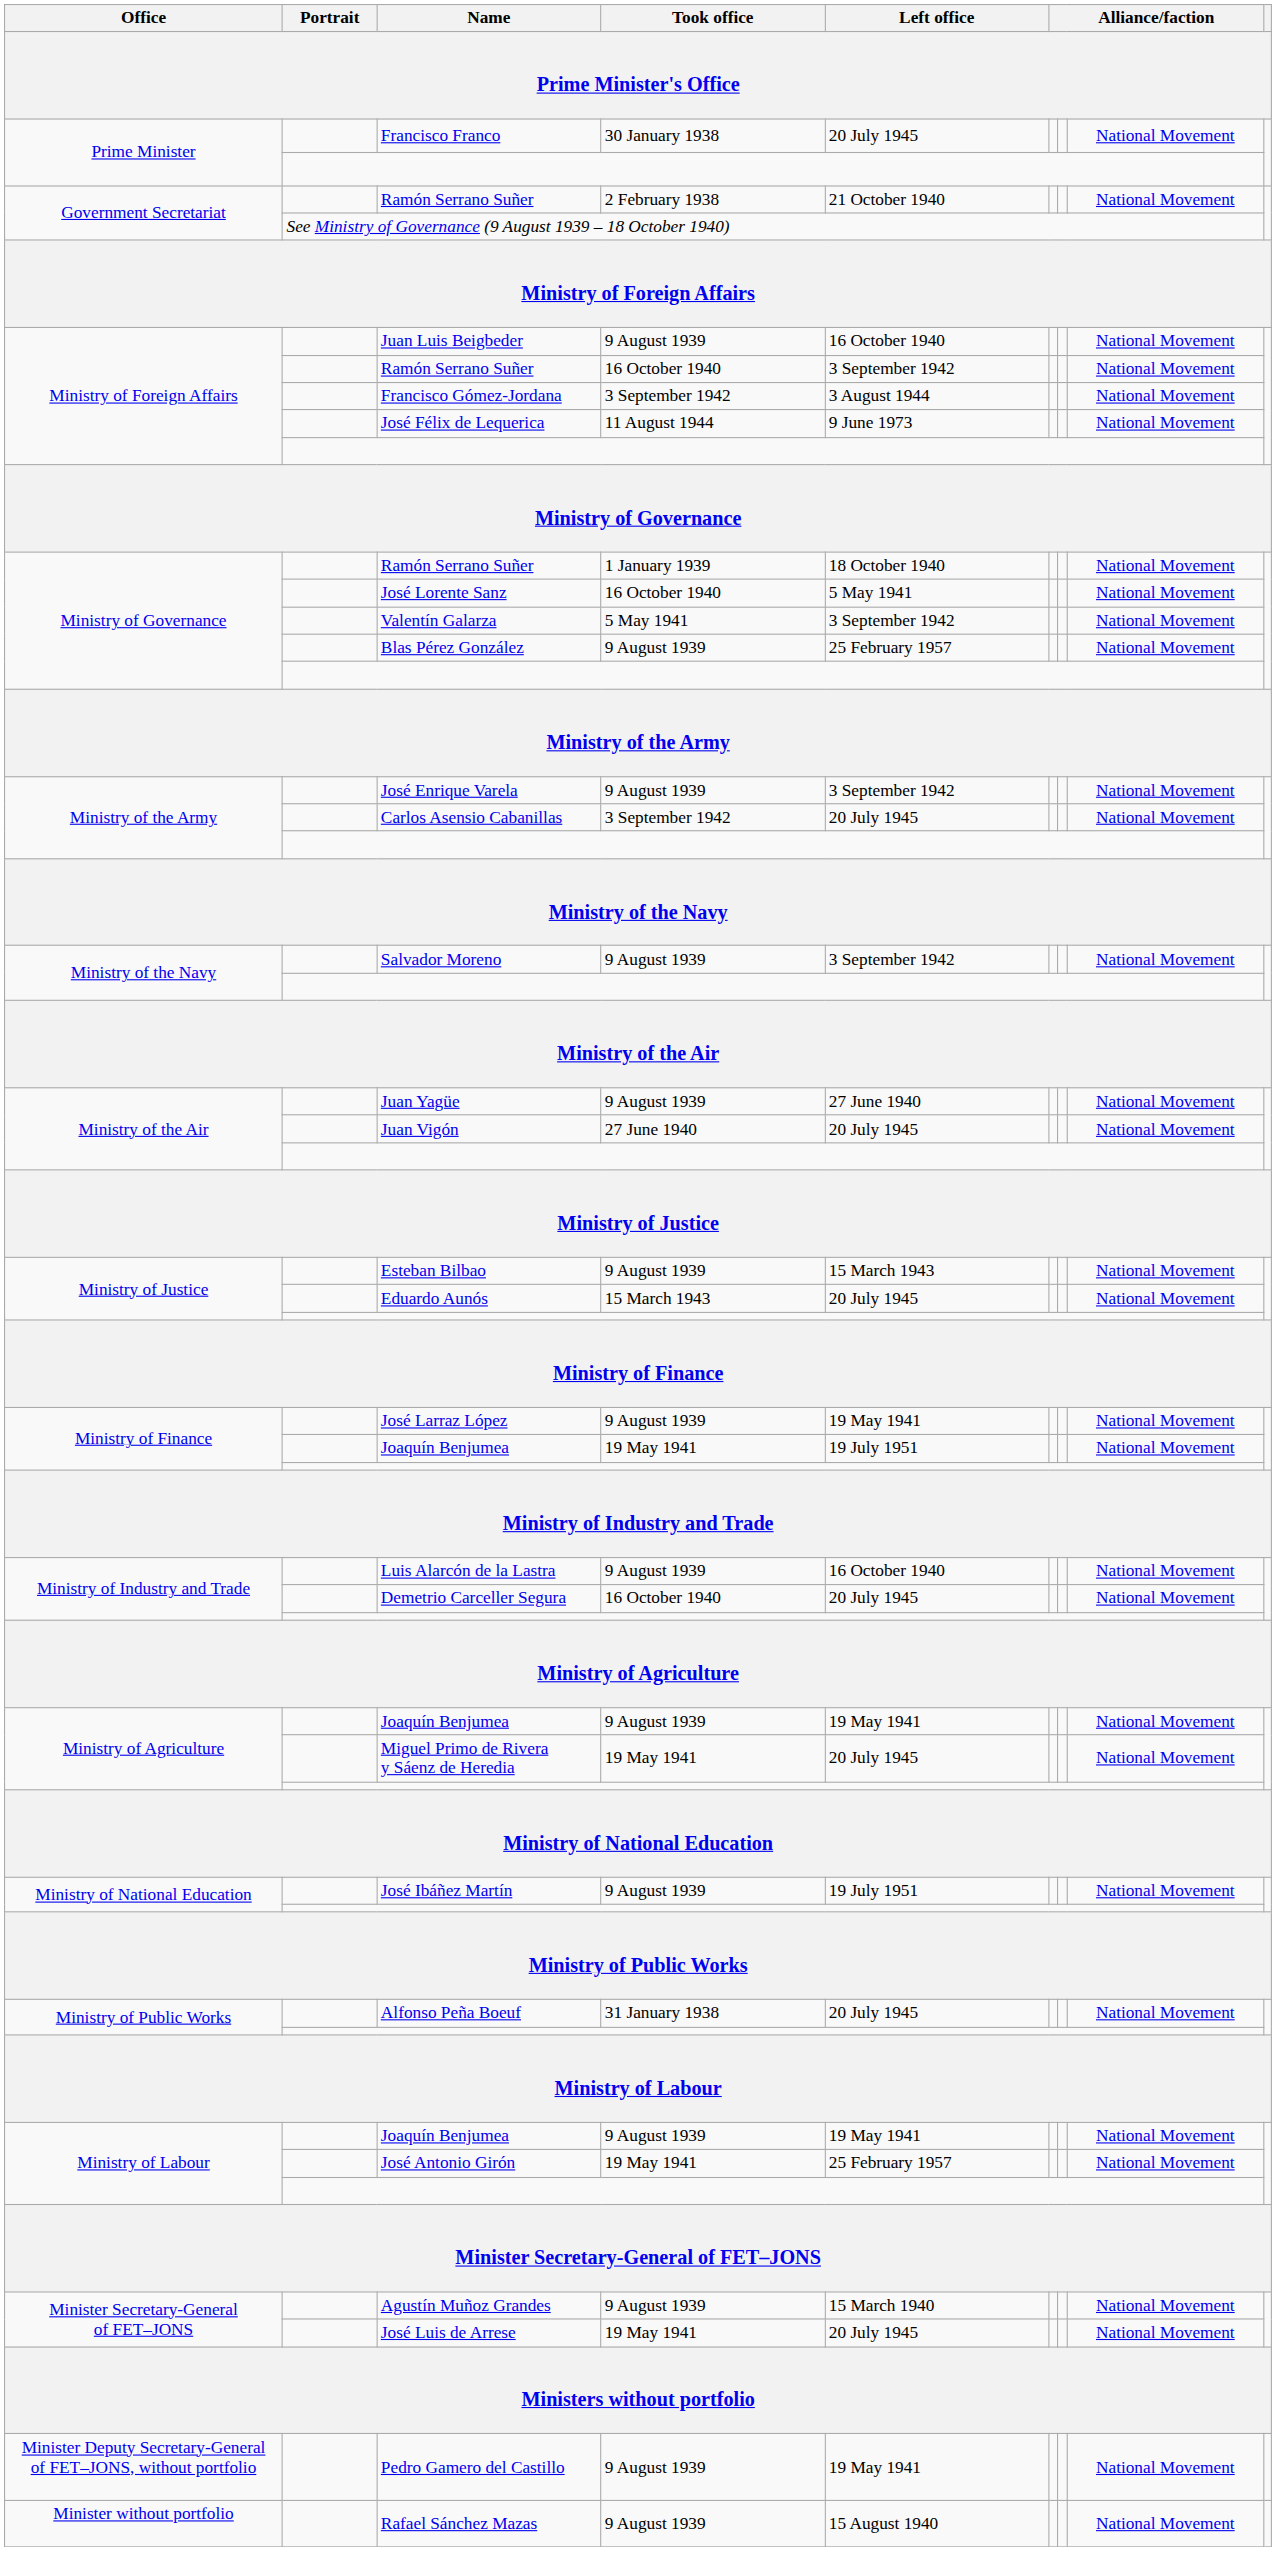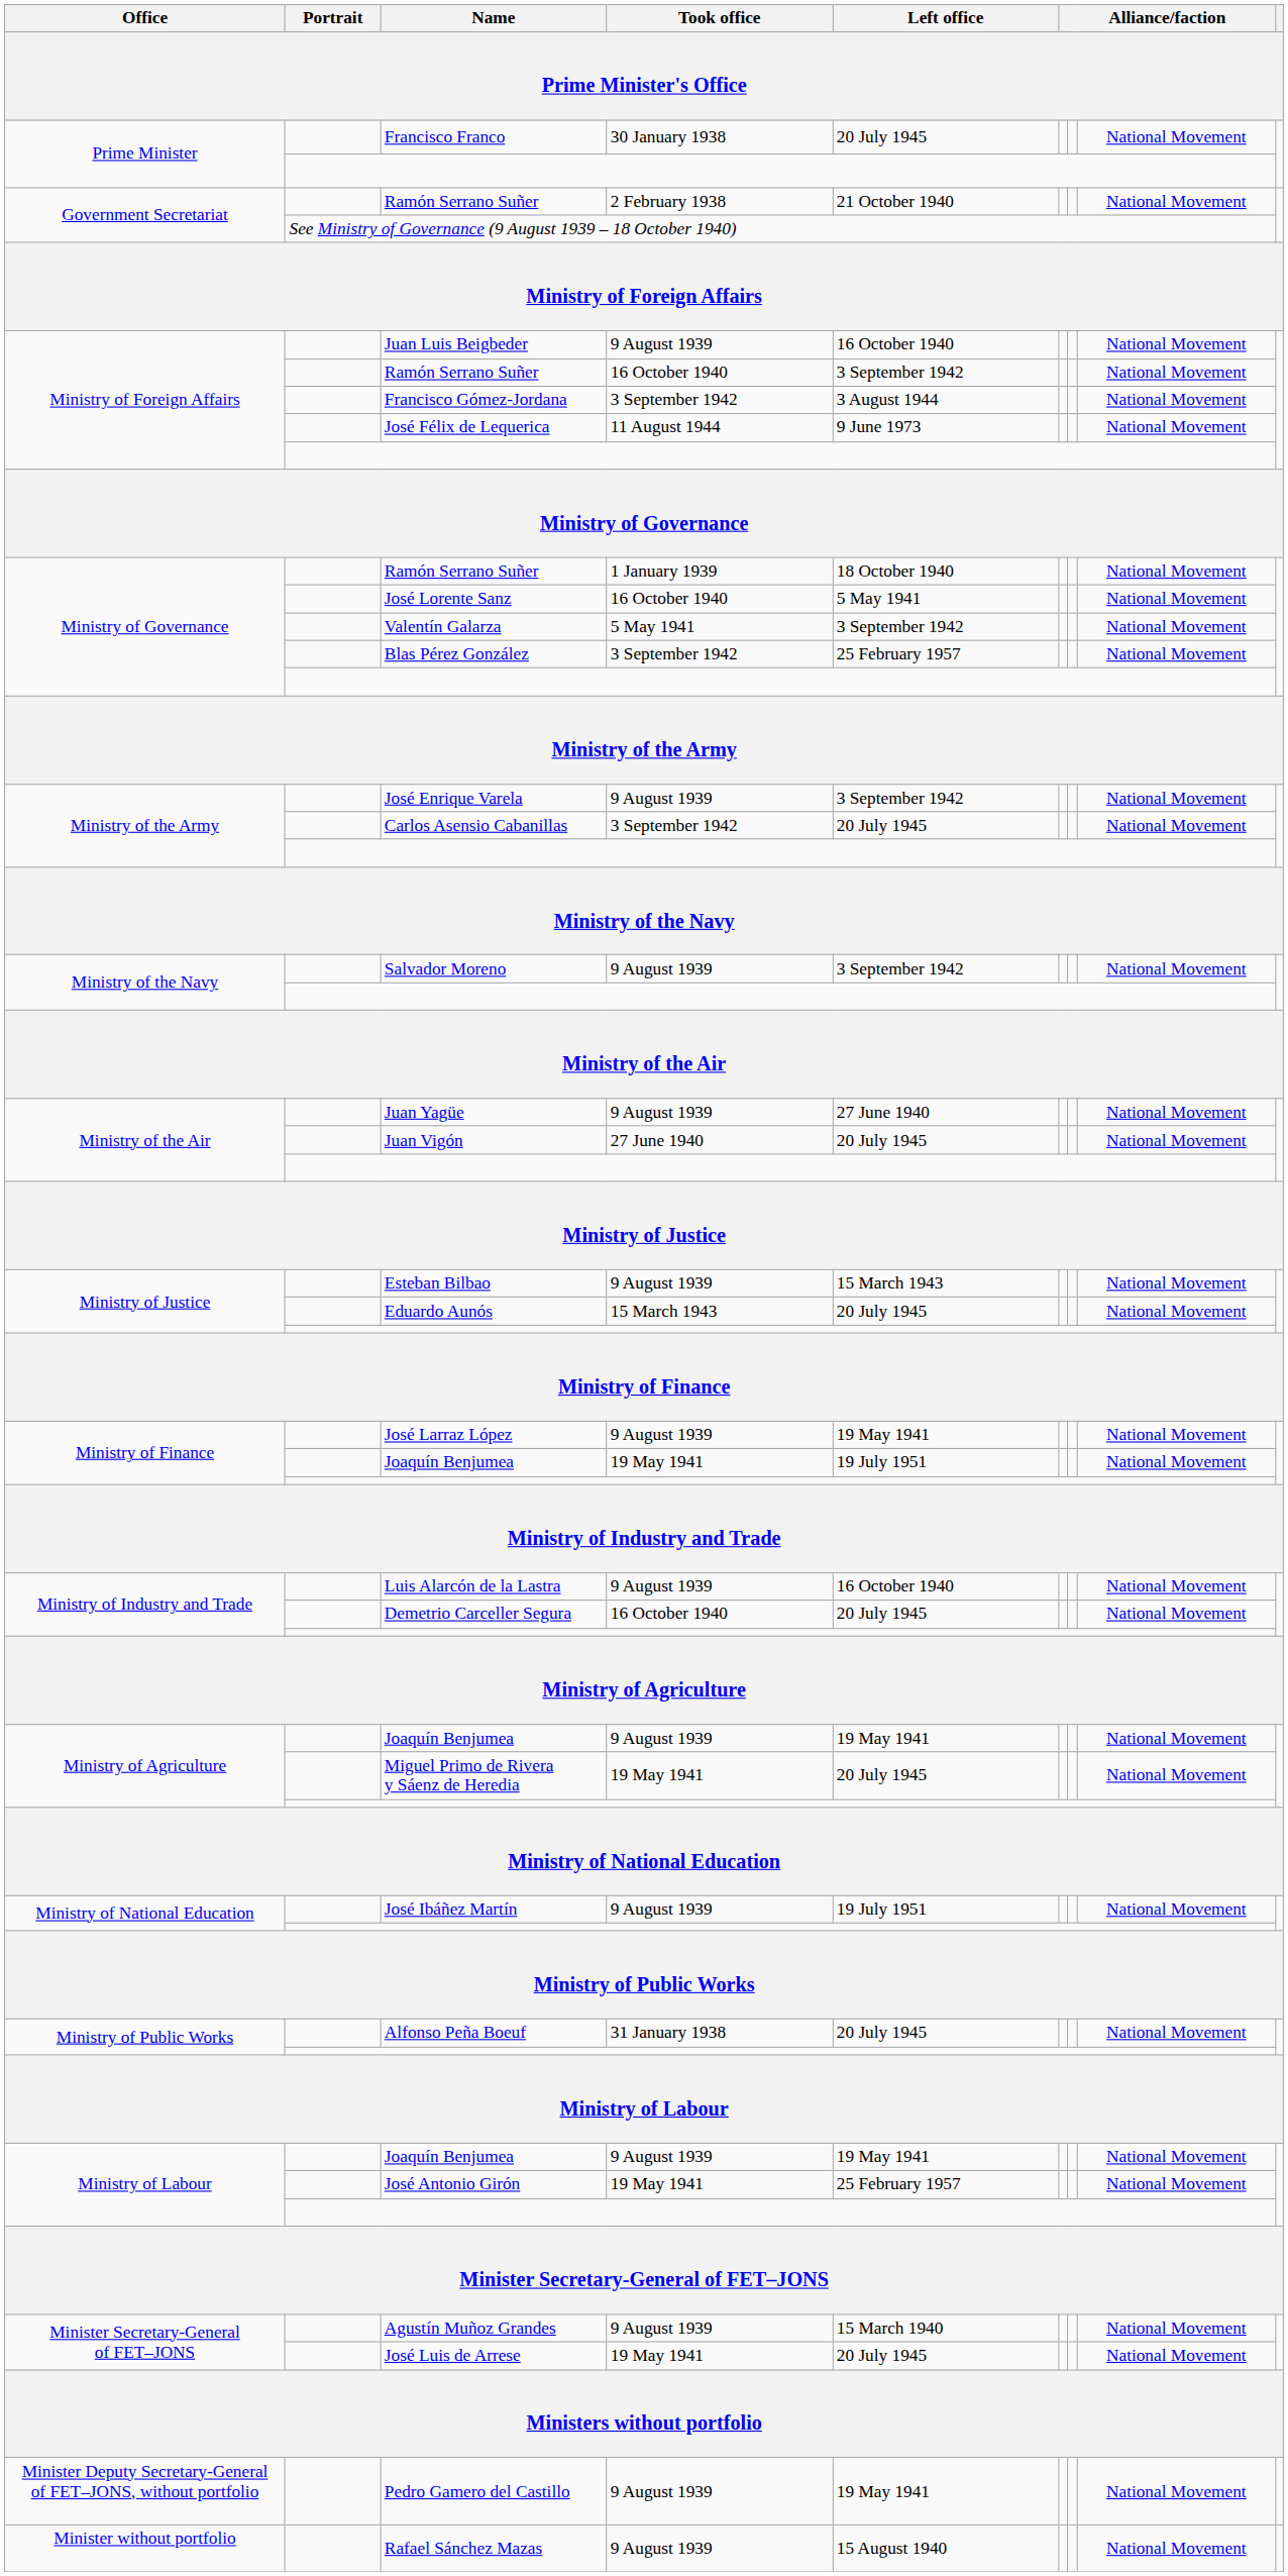 <table class="wikitable" style="line-height:18px;">
 <tr>
 <th scope="col">Office<br></th>
 <th scope="col">Portrait</th>
 <th scope="col">Name</th>
 <th scope="col">Took office</th>
 <th scope="col">Left office</th>
 <th colspan="3" scope="col">Alliance/faction</th>
 <th></th>
 </tr>
 <tr>
 <th colspan="9"><br><h3><a href='#'>Prime Minister's Office</a></h3></th>
 </tr>
 <tr>
 <td align="center" rowspan="2" width="250"><a href='#'>Prime Minister</a><br></td>
 <td width="80"></td>
 <td width="200"><a href='#'>Francisco Franco</a></td>
 <td width="200">30 January 1938</td>
 <td>20 July 1945</td>
 <td width="1" style="background-color:"></td>
 <td width="1" style="background-color:"></td>
 <td width="175" align="center"><a href='#'>National Movement</a><br></td>
 <td align="center" rowspan="2"><br><br><br></td>
 </tr>
 <tr>
 <td colspan="7"><br></td>
 </tr>
 <tr>
 <td align="center" rowspan="2"><a href='#'>Government Secretariat</a><br></td>
 <td></td>
 <td><a href='#'>Ramón Serrano Suñer</a></td>
 <td>2 February 1938</td>
 <td>21 October 1940</td>
 <td style="background-color:"></td>
 <td style="background-color:"></td>
 <td align="center"><a href='#'>National Movement</a><br></td>
 <td align="center" rowspan="2"></td>
 </tr>
 <tr>
 <td colspan="7"><em>See <a href='#'>Ministry of Governance</a> (9 August 1939 – 18 October 1940)</em></td>
 </tr>
 <tr>
 <th colspan="9"><br><h3><a href='#'>Ministry of Foreign Affairs</a></h3></th>
 </tr>
 <tr>
 <td align="center" rowspan="5"><a href='#'>Ministry of Foreign Affairs</a><br></td>
 <td></td>
 <td><a href='#'>Juan Luis Beigbeder</a></td>
 <td>9 August 1939</td>
 <td>16 October 1940</td>
 <td style="background-color:"></td>
 <td style="background-color:"></td>
 <td align="center"><a href='#'>National Movement</a><br></td>
 <td align="center" rowspan="5"><br><br><br><br></td>
 </tr>
 <tr>
 <td></td>
 <td><a href='#'>Ramón Serrano Suñer</a></td>
 <td>16 October 1940</td>
 <td>3 September 1942</td>
 <td style="background-color:"></td>
 <td style="background-color:"></td>
 <td align="center"><a href='#'>National Movement</a><br></td>
 </tr>
 <tr>
 <td></td>
 <td><a href='#'>Francisco Gómez-Jordana</a></td>
 <td>3 September 1942</td>
 <td>3 August 1944<br></td>
 <td style="background-color:"></td>
 <td style="background-color:"></td>
 <td align="center"><a href='#'>National Movement</a><br></td>
 </tr>
 <tr>
 <td></td>
 <td><a href='#'>José Félix de Lequerica</a></td>
 <td>11 August 1944</td>
 <td width="200">9 June 1973</td>
 <td style="background-color:"></td>
 <td style="background-color:"></td>
 <td align="center"><a href='#'>National Movement</a><br></td>
 </tr>
 <tr>
 <td colspan="7"><br> </td>
 </tr>
 <tr>
 <th colspan="9"><br><h3><a href='#'>Ministry of Governance</a></h3></th>
 </tr>
 <tr>
 <td align="center" rowspan="5"><a href='#'>Ministry of Governance</a><br></td>
 <td></td>
 <td><a href='#'>Ramón Serrano Suñer</a></td>
 <td>1 January 1939</td>
 <td>18 October 1940</td>
 <td style="background-color:"></td>
 <td style="background-color:"></td>
 <td align="center"><a href='#'>National Movement</a><br></td>
 <td align="center" rowspan="5"><br><br><br></td>
 </tr>
 <tr>
 <td></td>
 <td><a href='#'>José Lorente Sanz</a><br></td>
 <td>16 October 1940</td>
 <td>5 May 1941</td>
 <td style="background-color:"></td>
 <td style="background-color:"></td>
 <td align="center"><a href='#'>National Movement</a><br></td>
 </tr>
 <tr>
 <td></td>
 <td><a href='#'>Valentín Galarza</a></td>
 <td>5 May 1941</td>
 <td>3 September 1942</td>
 <td style="background-color:"></td>
 <td style="background-color:"></td>
 <td align="center"><a href='#'>National Movement</a><br></td>
 </tr>
 <tr>
 <td></td>
 <td><a href='#'>Blas Pérez González</a></td>
-<td>9 August 1939</td>
+<td>3 September 1942</td>
 <td>25 February 1957</td>
 <td style="background-color:"></td>
 <td style="background-color:"></td>
 <td align="center"><a href='#'>National Movement</a><br></td>
 </tr>
 <tr>
 <td colspan="7"><br>  </td>
 </tr>
 <tr>
 <th colspan="9"><br><h3><a href='#'>Ministry of the Army</a></h3></th>
 </tr>
 <tr>
 <td align="center" rowspan="3"><a href='#'>Ministry of the Army</a><br></td>
 <td></td>
 <td><a href='#'>José Enrique Varela</a></td>
 <td>9 August 1939</td>
 <td>3 September 1942</td>
 <td style="background-color:"></td>
 <td style="background-color:"></td>
 <td align="center"><a href='#'>National Movement</a><br></td>
 <td align="center" rowspan="3"><br><br><br></td>
 </tr>
 <tr>
 <td></td>
 <td><a href='#'>Carlos Asensio Cabanillas</a></td>
 <td>3 September 1942</td>
 <td>20 July 1945</td>
 <td style="background-color:"></td>
 <td style="background-color:"></td>
 <td align="center"><a href='#'>National Movement</a><br></td>
 </tr>
 <tr>
 <td colspan="7"><br> </td>
 </tr>
 <tr>
 <th colspan="9"><br><h3><a href='#'>Ministry of the Navy</a></h3></th>
 </tr>
 <tr>
 <td align="center" rowspan="2"><a href='#'>Ministry of the Navy</a><br></td>
 <td></td>
 <td><a href='#'>Salvador Moreno</a></td>
 <td>9 August 1939</td>
 <td>3 September 1942</td>
 <td style="background-color:"></td>
 <td style="background-color:"></td>
 <td align="center"><a href='#'>National Movement</a><br></td>
 <td align="center" rowspan="2"><br></td>
 </tr>
 <tr>
 <td colspan="7"><br></td>
 </tr>
 <tr>
 <th colspan="9"><br><h3><a href='#'>Ministry of the Air</a></h3></th>
 </tr>
 <tr>
 <td align="center" rowspan="3"><a href='#'>Ministry of the Air</a><br></td>
 <td></td>
 <td><a href='#'>Juan Yagüe</a></td>
 <td>9 August 1939</td>
 <td>27 June 1940</td>
 <td style="background-color:"></td>
 <td style="background-color:"></td>
 <td align="center"><a href='#'>National Movement</a><br></td>
 <td align="center" rowspan="3"><br><br></td>
 </tr>
 <tr>
 <td></td>
 <td><a href='#'>Juan Vigón</a></td>
 <td>27 June 1940</td>
 <td>20 July 1945</td>
 <td style="background-color:"></td>
 <td style="background-color:"></td>
 <td align="center"><a href='#'>National Movement</a><br></td>
 </tr>
 <tr>
 <td colspan="7"><br> </td>
 </tr>
 <tr>
 <th colspan="9"><br><h3><a href='#'>Ministry of Justice</a></h3></th>
 </tr>
 <tr>
 <td align="center" rowspan="3"><a href='#'>Ministry of Justice</a><br></td>
 <td></td>
 <td><a href='#'>Esteban Bilbao</a></td>
 <td>9 August 1939</td>
 <td>15 March 1943</td>
 <td style="background-color:"></td>
 <td style="background-color:"></td>
 <td align="center"><a href='#'>National Movement</a><br></td>
 <td align="center" rowspan="3"></td>
 </tr>
 <tr>
 <td></td>
 <td><a href='#'>Eduardo Aunós</a></td>
 <td>15 March 1943</td>
 <td>20 July 1945</td>
 <td style="background-color:"></td>
 <td style="background-color:"></td>
 <td align="center"><a href='#'>National Movement</a><br></td>
 </tr>
 <tr>
 <td colspan="7"></td>
 </tr>
 <tr>
 <th colspan="9"><br><h3><a href='#'>Ministry of Finance</a></h3></th>
 </tr>
 <tr>
 <td align="center" rowspan="3"><a href='#'>Ministry of Finance</a><br></td>
 <td></td>
 <td><a href='#'>José Larraz López</a></td>
 <td>9 August 1939</td>
 <td>19 May 1941</td>
 <td style="background-color:"></td>
 <td style="background-color:"></td>
 <td align="center"><a href='#'>National Movement</a><br></td>
 <td align="center" rowspan="3"><br><br></td>
 </tr>
 <tr>
 <td></td>
 <td><a href='#'>Joaquín Benjumea</a></td>
 <td>19 May 1941</td>
 <td>19 July 1951</td>
 <td style="background-color:"></td>
 <td style="background-color:"></td>
 <td align="center"><a href='#'>National Movement</a><br></td>
 </tr>
 <tr>
 <td colspan="7"></td>
 </tr>
 <tr>
 <th colspan="9"><br><h3><a href='#'>Ministry of Industry and Trade</a></h3></th>
 </tr>
 <tr>
 <td align="center" rowspan="3"><a href='#'>Ministry of Industry and Trade</a><br></td>
 <td></td>
 <td><a href='#'>Luis Alarcón de la Lastra</a></td>
 <td>9 August 1939</td>
 <td>16 October 1940</td>
 <td style="background-color:"></td>
 <td style="background-color:"></td>
 <td align="center"><a href='#'>National Movement</a><br></td>
 <td align="center" rowspan="3"><br></td>
 </tr>
 <tr>
 <td></td>
 <td><a href='#'>Demetrio Carceller Segura</a></td>
 <td>16 October 1940</td>
 <td>20 July 1945</td>
 <td style="background-color:"></td>
 <td style="background-color:"></td>
 <td align="center"><a href='#'>National Movement</a><br></td>
 </tr>
 <tr>
 <td colspan="7"></td>
 </tr>
 <tr>
 <th colspan="9"><br><h3><a href='#'>Ministry of Agriculture</a></h3></th>
 </tr>
 <tr>
 <td align="center" rowspan="3"><a href='#'>Ministry of Agriculture</a><br></td>
 <td></td>
 <td><a href='#'>Joaquín Benjumea</a></td>
 <td>9 August 1939</td>
 <td>19 May 1941</td>
 <td style="background-color:"></td>
 <td style="background-color:"></td>
 <td align="center"><a href='#'>National Movement</a><br></td>
 <td align="center" rowspan="3"></td>
 </tr>
 <tr>
 <td></td>
 <td><a href='#'>Miguel Primo de Rivera<br>y Sáenz de Heredia</a></td>
 <td>19 May 1941</td>
 <td>20 July 1945</td>
 <td style="background-color:"></td>
 <td style="background-color:"></td>
 <td align="center"><a href='#'>National Movement</a><br></td>
 </tr>
 <tr>
 <td colspan="7"></td>
 </tr>
 <tr>
 <th colspan="9"><br><h3><a href='#'>Ministry of National Education</a></h3></th>
 </tr>
 <tr>
 <td align="center" rowspan="2"><a href='#'>Ministry of National Education</a><br></td>
 <td></td>
 <td><a href='#'>José Ibáñez Martín</a></td>
 <td>9 August 1939</td>
 <td>19 July 1951</td>
 <td style="background-color:"></td>
 <td style="background-color:"></td>
 <td align="center"><a href='#'>National Movement</a><br></td>
 <td align="center" rowspan="2"><br></td>
 </tr>
 <tr>
 <td colspan="7"></td>
 </tr>
 <tr>
 <th colspan="9"><br><h3><a href='#'>Ministry of Public Works</a></h3></th>
 </tr>
 <tr>
 <td align="center" rowspan="2"><a href='#'>Ministry of Public Works</a><br></td>
 <td></td>
 <td><a href='#'>Alfonso Peña Boeuf</a></td>
 <td>31 January 1938</td>
 <td>20 July 1945</td>
 <td style="background-color:"></td>
 <td style="background-color:"></td>
 <td align="center"><a href='#'>National Movement</a><br></td>
 <td align="center" rowspan="2"></td>
 </tr>
 <tr>
 <td colspan="7"></td>
 </tr>
 <tr>
 <th colspan="9"><br><h3><a href='#'>Ministry of Labour</a></h3></th>
 </tr>
 <tr>
 <td align="center" rowspan="3"><a href='#'>Ministry of Labour</a><br></td>
 <td></td>
 <td><a href='#'>Joaquín Benjumea</a><br></td>
 <td>9 August 1939</td>
 <td>19 May 1941</td>
 <td style="background-color:"></td>
 <td style="background-color:"></td>
 <td align="center"><a href='#'>National Movement</a><br></td>
 <td align="center" rowspan="3"></td>
 </tr>
 <tr>
 <td></td>
 <td><a href='#'>José Antonio Girón</a></td>
 <td>19 May 1941</td>
 <td>25 February 1957</td>
 <td style="background-color:"></td>
 <td style="background-color:"></td>
 <td align="center"><a href='#'>National Movement</a><br></td>
 </tr>
 <tr>
 <td colspan="7"><br></td>
 </tr>
 <tr>
 <th colspan="9"><br><h3><a href='#'>Minister Secretary-General of FET–JONS</a></h3></th>
 </tr>
 <tr>
 <td align="center" rowspan="2"><a href='#'>Minister Secretary-General<br>of FET–JONS</a><br></td>
 <td></td>
 <td><a href='#'>Agustín Muñoz Grandes</a></td>
 <td>9 August 1939</td>
 <td>15 March 1940</td>
 <td style="background-color:"></td>
 <td style="background-color:"></td>
 <td align="center"><a href='#'>National Movement</a><br></td>
 <td align="center" rowspan="2"></td>
 </tr>
 <tr>
 <td></td>
 <td><a href='#'>José Luis de Arrese</a></td>
 <td>19 May 1941</td>
 <td>20 July 1945</td>
 <td style="background-color:"></td>
 <td style="background-color:"></td>
 <td align="center"><a href='#'>National Movement</a><br></td>
 </tr>
 <tr>
 <th colspan="9"><br><h3><a href='#'>Ministers without portfolio</a></h3></th>
 </tr>
 <tr>
 <td align="center"><a href='#'>Minister Deputy Secretary-General<br>of FET–JONS, without portfolio</a><br><br></td>
 <td></td>
 <td><a href='#'>Pedro Gamero del Castillo</a></td>
 <td>9 August 1939</td>
 <td>19 May 1941</td>
 <td style="background-color:"></td>
 <td style="background-color:"></td>
 <td align="center"><a href='#'>National Movement</a><br></td>
 <td align="center"></td>
 </tr>
 <tr>
 <td align="center"><a href='#'>Minister without portfolio</a><br><br></td>
 <td></td>
 <td><a href='#'>Rafael Sánchez Mazas</a></td>
 <td>9 August 1939</td>
 <td>15 August 1940</td>
 <td style="background-color:"></td>
 <td style="background-color:"></td>
 <td align="center"><a href='#'>National Movement</a><br></td>
 <td align="center"></td>
 </tr>
 </table>
